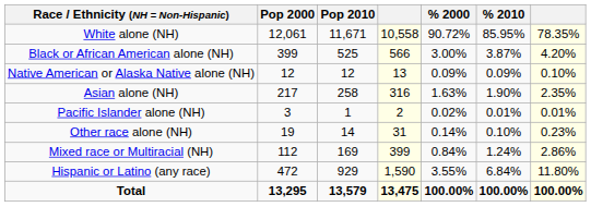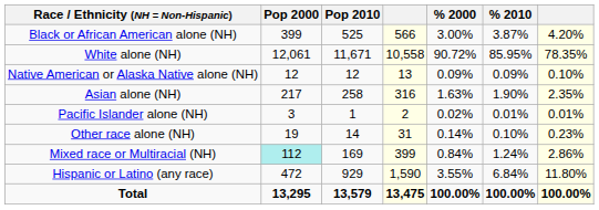 <table class="wikitable" style="text-align:center;">
 <tr>
 <th>Race / Ethnicity <small>(<em>NH = Non-Hispanic</em>)</small></th>
 <th>Pop 2000</th>
 <th>Pop 2010</th>
 <th></th>
 <th>% 2000</th>
 <th>% 2010</th>
 <th></th>
 </tr>
 <tr>
+<td><a href='#'>Black or African American</a> alone (NH)</td>
+<td>399</td>
+<td>525</td>
+<td style='background: #ffffe6;'>566</td>
+<td>3.00%</td>
+<td>3.87%</td>
+<td style='background: #ffffe6;'>4.20%</td>
+</tr>
+<tr>
 <td><a href='#'>White</a> alone (NH)</td>
 <td>12,061</td>
 <td>11,671</td>
 <td style='background: #ffffe6;'>10,558</td>
 <td>90.72%</td>
 <td>85.95%</td>
 <td style='background: #ffffe6;'>78.35%</td>
-</tr>
-<tr>
-<td><a href='#'>Black or African American</a> alone (NH)</td>
-<td>399</td>
-<td>525</td>
-<td style='background: #ffffe6;'>566</td>
-<td>3.00%</td>
-<td>3.87%</td>
-<td style='background: #ffffe6;'>4.20%</td>
 </tr>
 <tr>
 <td><a href='#'>Native American</a> or <a href='#'>Alaska Native</a> alone (NH)</td>
 <td>12</td>
 <td>12</td>
 <td style='background: #ffffe6;'>13</td>
 <td>0.09%</td>
 <td>0.09%</td>
 <td style='background: #ffffe6;'>0.10%</td>
 </tr>
 <tr>
 <td><a href='#'>Asian</a> alone (NH)</td>
 <td>217</td>
 <td>258</td>
 <td style='background: #ffffe6;'>316</td>
 <td>1.63%</td>
 <td>1.90%</td>
 <td style='background: #ffffe6;'>2.35%</td>
 </tr>
 <tr>
 <td><a href='#'>Pacific Islander</a> alone (NH)</td>
 <td>3</td>
 <td>1</td>
 <td style='background: #ffffe6;'>2</td>
 <td>0.02%</td>
 <td>0.01%</td>
 <td style='background: #ffffe6;'>0.01%</td>
 </tr>
 <tr>
 <td><a href='#'>Other race</a> alone (NH)</td>
 <td>19</td>
 <td>14</td>
 <td style='background: #ffffe6;'>31</td>
 <td>0.14%</td>
 <td>0.10%</td>
 <td style='background: #ffffe6;'>0.23%</td>
 </tr>
 <tr>
 <td><a href='#'>Mixed race or Multiracial</a> (NH)</td>
-<td>112</td>
+<td style="background: paleturquoise;">112</td>
 <td>169</td>
 <td style='background: #ffffe6;'>399</td>
 <td>0.84%</td>
 <td>1.24%</td>
 <td style='background: #ffffe6;'>2.86%</td>
 </tr>
 <tr>
 <td><a href='#'>Hispanic or Latino</a> (any race)</td>
 <td>472</td>
 <td>929</td>
 <td style='background: #ffffe6;'>1,590</td>
 <td>3.55%</td>
 <td>6.84%</td>
 <td style='background: #ffffe6;'>11.80%</td>
 </tr>
 <tr>
 <td><strong>Total</strong></td>
 <td><strong>13,295</strong></td>
 <td><strong>13,579</strong></td>
 <td style='background: #ffffe6;'><strong>13,475</strong></td>
 <td><strong>100.00%</strong></td>
 <td><strong>100.00%</strong></td>
 <td style='background: #ffffe6;'><strong>100.00%</strong></td>
 </tr>
 </table>
